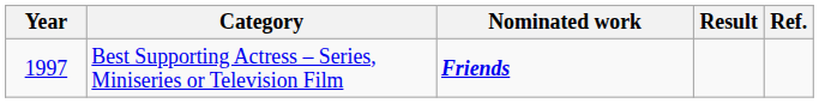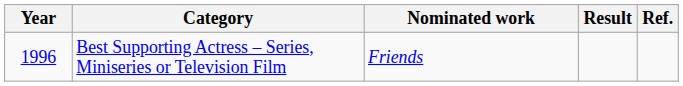 <table class=wikitable>
 <tr>
 <th scope="col" style="width:5em;">Year</th>
 <th scope="col" style="width:30em;">Category</th>
 <th scope="col" style="width:20em;">Nominated work</th>
 <th scope="col" style="width:3em;">Result</th>
 <th scope="col" style="width:2em;">Ref.</th>
 </tr>
 <tr>
-<td align="center"><a href='#'>1997</a></td>
+<td align="center"><a href='#'>1996</a></td>
 <td><a href='#'>Best Supporting Actress – Series, Miniseries or Television Film</a></td>
-<td><strong><em><a href='#'>Friends</a></em></strong></td>
+<td><em><a href='#'>Friends</a></em></td>
 <td></td>
 <td align="center"></td>
 </tr>
 </table>
